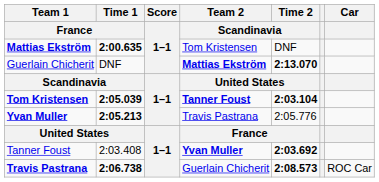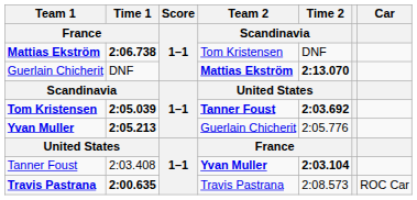 <table class="wikitable">
 <tr>
 <th>Team 1</th>
 <th>Time 1</th>
 <th>Score</th>
 <th>Team 2</th>
 <th>Time 2</th>
 <th></th>
 <th>Car</th>
 </tr>
 <tr>
 <th colspan=2> <strong>France</strong></th>
 <th rowspan=3>1–1</th>
 <th colspan=2> <strong>Scandinavia</strong></th>
 <th></th>
 <th></th>
 </tr>
 <tr>
 <td><strong><a href='#'>Mattias Ekström</a></strong></td>
-<td><strong>2:00.635</strong></td>
+<td><strong>2:06.738</strong></td>
 <td><a href='#'>Tom Kristensen</a></td>
 <td>DNF</td>
 <th></th>
 <td></td>
 </tr>
 <tr>
 <td><a href='#'>Guerlain Chicherit</a></td>
 <td>DNF</td>
 <td><strong><a href='#'>Mattias Ekström</a></strong></td>
 <td><strong>2:13.070</strong></td>
 <th></th>
 <td></td>
 </tr>
 <tr>
 <th colspan=2> <strong>Scandinavia</strong></th>
 <th rowspan=3>1–1</th>
 <th colspan=2> <strong>United States</strong></th>
 <th></th>
 <th></th>
 </tr>
 <tr>
 <td><strong><a href='#'>Tom Kristensen</a></strong></td>
 <td><strong>2:05.039</strong></td>
 <td><strong><a href='#'>Tanner Foust</a></strong></td>
-<td><strong>2:03.104</strong></td>
+<td><strong>2:03.692</strong></td>
 <th></th>
 <td></td>
 </tr>
 <tr>
 <td><strong><a href='#'>Yvan Muller</a></strong></td>
 <td><strong>2:05.213</strong></td>
-<td><a href='#'>Travis Pastrana</a></td>
+<td><a href='#'>Guerlain Chicherit</a></td>
 <td>2:05.776</td>
 <th></th>
 <td></td>
 </tr>
 <tr>
 <th colspan=2> <strong>United States</strong></th>
 <th rowspan=3>1–1</th>
 <th colspan=2> <strong>France</strong></th>
 <th></th>
 <th></th>
 </tr>
 <tr>
 <td><a href='#'>Tanner Foust</a></td>
 <td>2:03.408</td>
 <td><strong><a href='#'>Yvan Muller</a></strong></td>
-<td><strong>2:03.692</strong></td>
+<td><strong>2:03.104</strong></td>
 <th></th>
 <td></td>
 </tr>
 <tr>
 <td><strong><a href='#'>Travis Pastrana</a></strong></td>
-<td><strong>2:06.738</strong></td>
-<td><a href='#'>Guerlain Chicherit</a></td>
-<td><strong>2:08.573</strong></td>
+<td><strong>2:00.635</strong></td>
+<td><a href='#'>Travis Pastrana</a></td>
+<td>2:08.573</td>
 <th></th>
 <td>ROC Car</td>
 </tr>
 </table>
